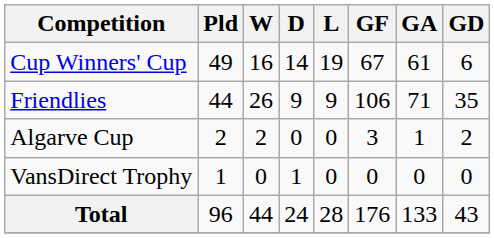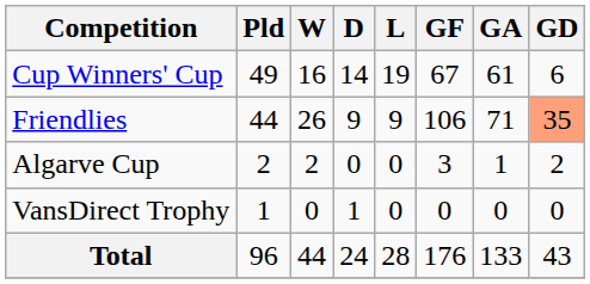 <table class="wikitable" style="text-align:center">
 <tr>
 <th>Competition</th>
 <th>Pld</th>
 <th>W</th>
 <th>D</th>
 <th>L</th>
 <th>GF</th>
 <th>GA</th>
 <th>GD</th>
 </tr>
 <tr>
 <td align=left><a href='#'>Cup Winners' Cup</a></td>
 <td>49</td>
 <td>16</td>
 <td>14</td>
 <td>19</td>
 <td>67</td>
 <td>61</td>
 <td>6</td>
 </tr>
 <tr>
 <td align=left><a href='#'>Friendlies</a></td>
 <td>44</td>
 <td>26</td>
 <td>9</td>
 <td>9</td>
 <td>106</td>
 <td>71</td>
-<td>35</td>
+<td style="background: lightsalmon;">35</td>
 </tr>
 <tr>
 <td align=left>Algarve Cup</td>
 <td>2</td>
 <td>2</td>
 <td>0</td>
 <td>0</td>
 <td>3</td>
 <td>1</td>
 <td>2</td>
 </tr>
 <tr>
 <td align=left>VansDirect Trophy</td>
 <td>1</td>
 <td>0</td>
 <td>1</td>
 <td>0</td>
 <td>0</td>
 <td>0</td>
 <td>0</td>
 </tr>
 <tr>
 <th>Total</th>
 <td>96</td>
 <td>44</td>
 <td>24</td>
 <td>28</td>
 <td>176</td>
 <td>133</td>
 <td>43</td>
 </tr>
 <tr>
 </tr>
 </table>
